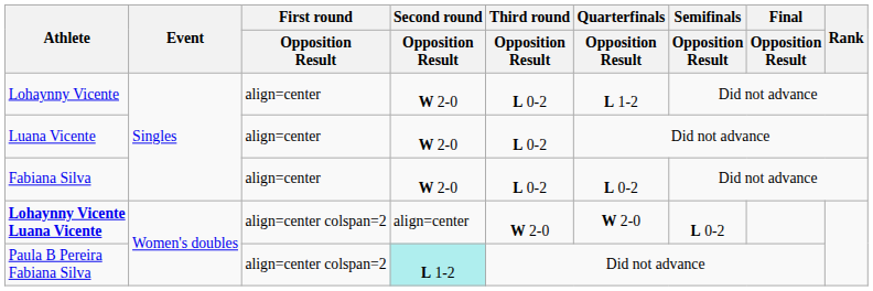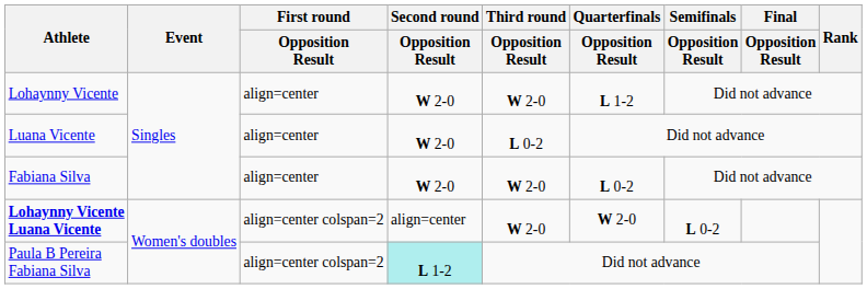 <table class="wikitable" style="font-size:90%">
 <tr>
 <th rowspan="2">Athlete</th>
 <th rowspan="2">Event</th>
 <th>First round</th>
 <th>Second round</th>
 <th>Third round</th>
 <th>Quarterfinals</th>
 <th>Semifinals</th>
 <th>Final</th>
 <th rowspan="2">Rank</th>
 </tr>
 <tr>
 <th>Opposition<br>Result</th>
 <th>Opposition<br>Result</th>
 <th>Opposition<br>Result</th>
 <th>Opposition<br>Result</th>
 <th>Opposition<br>Result</th>
 <th>Opposition<br>Result</th>
 </tr>
 <tr>
 <td><a href='#'>Lohaynny Vicente</a></td>
 <td rowspan=3><a href='#'>Singles</a></td>
 <td>align=center </td>
 <td align=center><br><strong>W</strong> 2-0</td>
-<td align=center><br><strong>L</strong> 0-2</td>
+<td align=center><br><strong>W</strong> 2-0</td>
 <td align=center><br><strong>L</strong> 1-2</td>
 <td align=center colspan=4>Did not advance</td>
 </tr>
 <tr>
 <td><a href='#'>Luana Vicente</a></td>
 <td>align=center </td>
 <td align=center><br><strong>W</strong> 2-0</td>
 <td align=center><br><strong>L</strong> 0-2</td>
 <td align=center colspan=4>Did not advance</td>
 </tr>
 <tr>
 <td><a href='#'>Fabiana Silva</a></td>
 <td>align=center </td>
 <td align=center><br><strong>W</strong> 2-0</td>
-<td align=center><br><strong>L</strong> 0-2</td>
+<td align=center><br><strong>W</strong> 2-0</td>
 <td align=center><br><strong>L</strong> 0-2</td>
 <td align=center colspan=3>Did not advance</td>
 </tr>
 <tr>
 <td><strong><a href='#'>Lohaynny Vicente</a></strong><br><strong><a href='#'>Luana Vicente</a></strong></td>
 <td rowspan=2><a href='#'>Women's doubles</a></td>
 <td>align=center colspan=2 </td>
 <td>align=center </td>
 <td align=center><br><strong>W</strong> 2-0</td>
 <td align=center><strong>W</strong> 2-0</td>
 <td align=center><br><strong>L</strong> 0-2</td>
 <td align=center></td>
 </tr>
 <tr |->
 <td><a href='#'>Paula B Pereira</a><br><a href='#'>Fabiana Silva</a></td>
 <td>align=center colspan=2 </td>
 <td align=center style="background: paleturquoise;"><br><strong>L</strong> 1-2</td>
 <td align=center colspan=4>Did not advance</td>
 </tr>
 </table>
